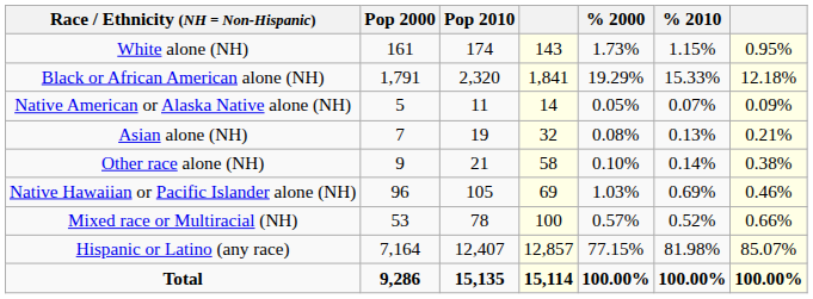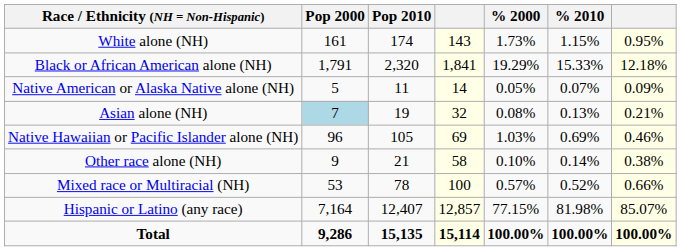 <table class="wikitable" style="text-align:center;">
 <tr>
 <th>Race / Ethnicity <small>(<em>NH = Non-Hispanic</em>)</small></th>
 <th>Pop 2000</th>
 <th>Pop 2010</th>
 <th></th>
 <th>% 2000</th>
 <th>% 2010</th>
 <th></th>
 </tr>
 <tr>
 <td><a href='#'>White</a> alone (NH)</td>
 <td>161</td>
 <td>174</td>
 <td style='background: #ffffe6;'>143</td>
 <td>1.73%</td>
 <td>1.15%</td>
 <td style='background: #ffffe6;'>0.95%</td>
 </tr>
 <tr>
 <td><a href='#'>Black or African American</a> alone (NH)</td>
 <td>1,791</td>
 <td>2,320</td>
 <td style='background: #ffffe6;'>1,841</td>
 <td>19.29%</td>
 <td>15.33%</td>
 <td style='background: #ffffe6;'>12.18%</td>
 </tr>
 <tr>
 <td><a href='#'>Native American</a> or <a href='#'>Alaska Native</a> alone (NH)</td>
 <td>5</td>
 <td>11</td>
 <td style='background: #ffffe6;'>14</td>
 <td>0.05%</td>
 <td>0.07%</td>
 <td style='background: #ffffe6;'>0.09%</td>
 </tr>
 <tr>
 <td><a href='#'>Asian</a> alone (NH)</td>
-<td>7</td>
+<td style="background: lightblue;">7</td>
 <td>19</td>
 <td style='background: #ffffe6;'>32</td>
 <td>0.08%</td>
 <td>0.13%</td>
 <td style='background: #ffffe6;'>0.21%</td>
+</tr>
+<tr>
+<td><a href='#'>Native Hawaiian</a> or <a href='#'>Pacific Islander</a> alone (NH)</td>
+<td>96</td>
+<td>105</td>
+<td style='background: #ffffe6;'>69</td>
+<td>1.03%</td>
+<td>0.69%</td>
+<td style='background: #ffffe6;'>0.46%</td>
 </tr>
 <tr>
 <td><a href='#'>Other race</a> alone (NH)</td>
 <td>9</td>
 <td>21</td>
 <td style='background: #ffffe6;'>58</td>
 <td>0.10%</td>
 <td>0.14%</td>
 <td style='background: #ffffe6;'>0.38%</td>
-</tr>
-<tr>
-<td><a href='#'>Native Hawaiian</a> or <a href='#'>Pacific Islander</a> alone (NH)</td>
-<td>96</td>
-<td>105</td>
-<td style='background: #ffffe6;'>69</td>
-<td>1.03%</td>
-<td>0.69%</td>
-<td style='background: #ffffe6;'>0.46%</td>
 </tr>
 <tr>
 <td><a href='#'>Mixed race or Multiracial</a> (NH)</td>
 <td>53</td>
 <td>78</td>
 <td style='background: #ffffe6;'>100</td>
 <td>0.57%</td>
 <td>0.52%</td>
 <td style='background: #ffffe6;'>0.66%</td>
 </tr>
 <tr>
 <td><a href='#'>Hispanic or Latino</a> (any race)</td>
 <td>7,164</td>
 <td>12,407</td>
 <td style='background: #ffffe6;'>12,857</td>
 <td>77.15%</td>
 <td>81.98%</td>
 <td style='background: #ffffe6;'>85.07%</td>
 </tr>
 <tr>
 <td><strong>Total</strong></td>
 <td><strong>9,286</strong></td>
 <td><strong>15,135</strong></td>
 <td style='background: #ffffe6;'><strong>15,114</strong></td>
 <td><strong>100.00%</strong></td>
 <td><strong>100.00%</strong></td>
 <td style='background: #ffffe6;'><strong>100.00%</strong></td>
 </tr>
 </table>
